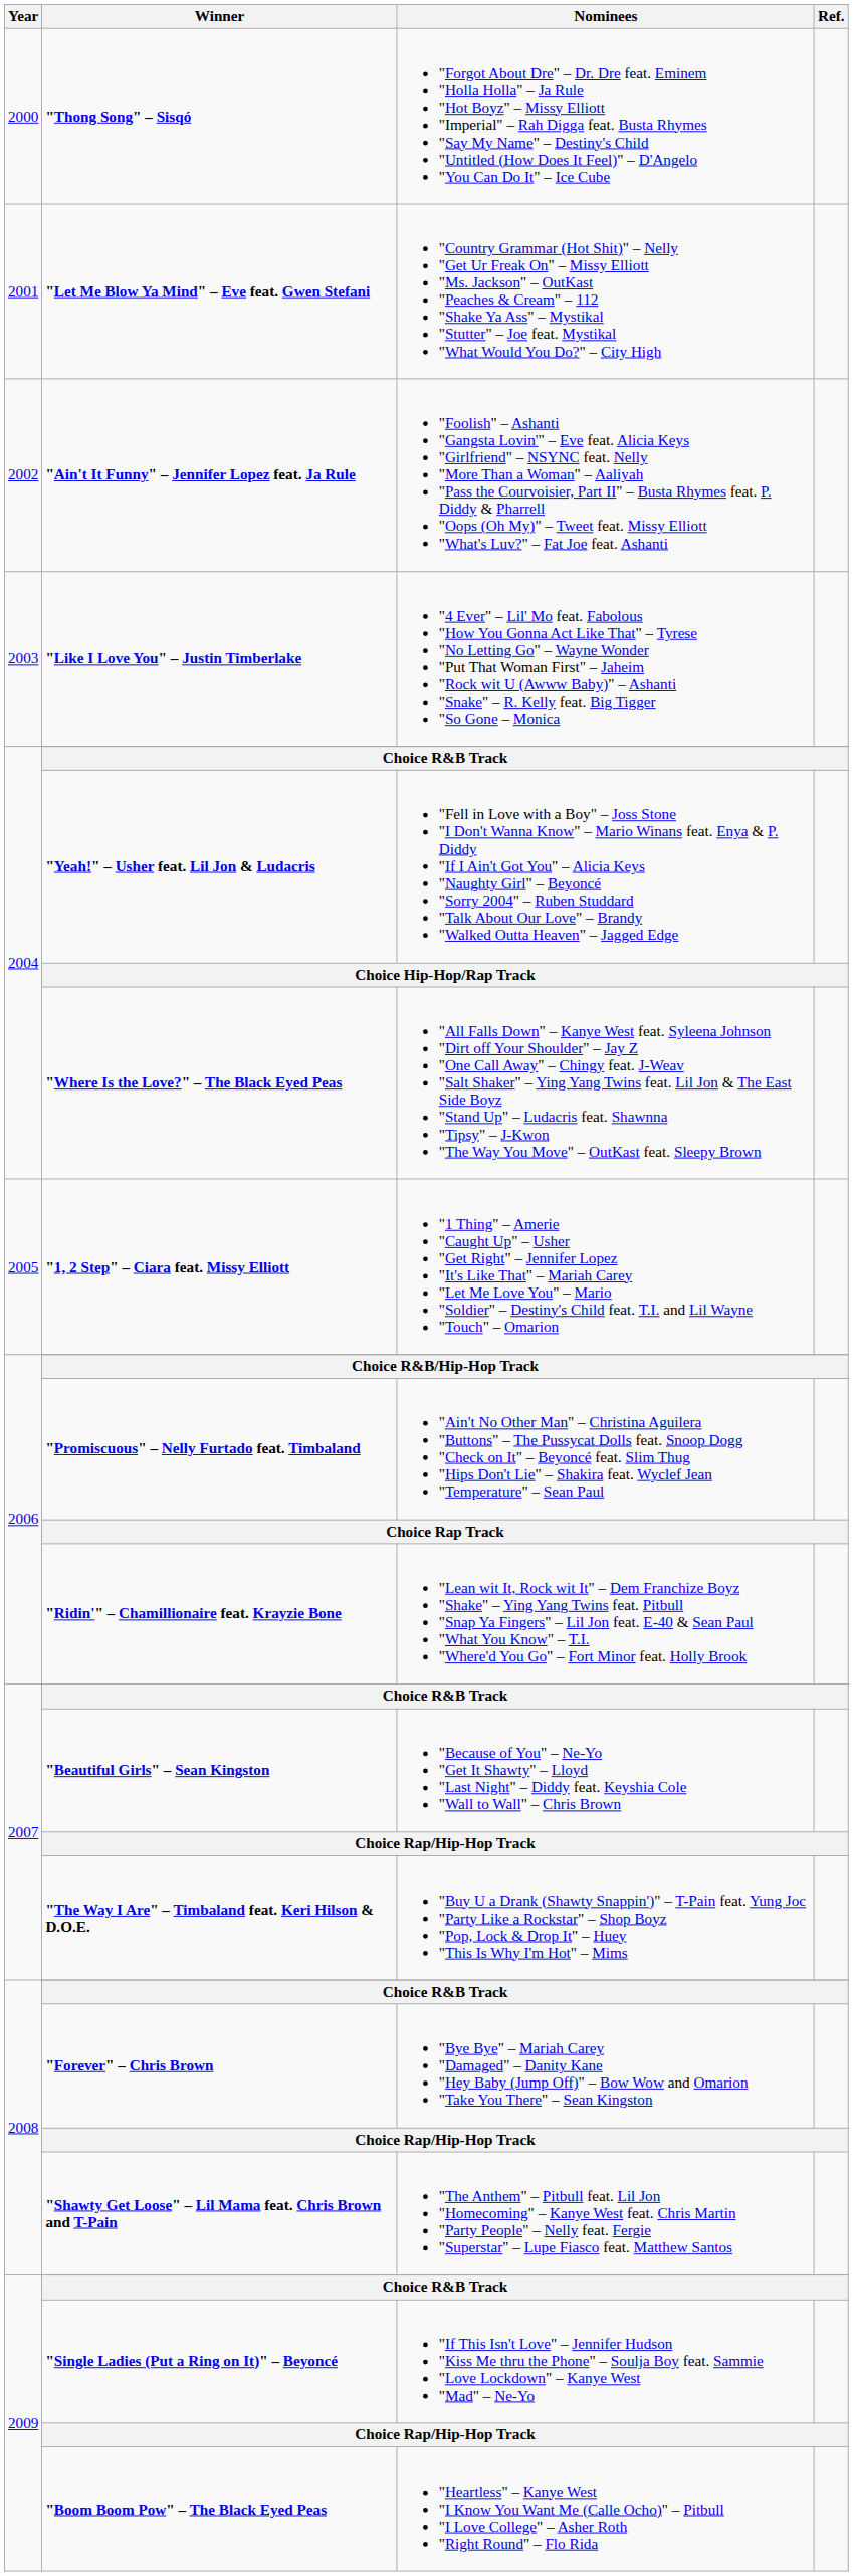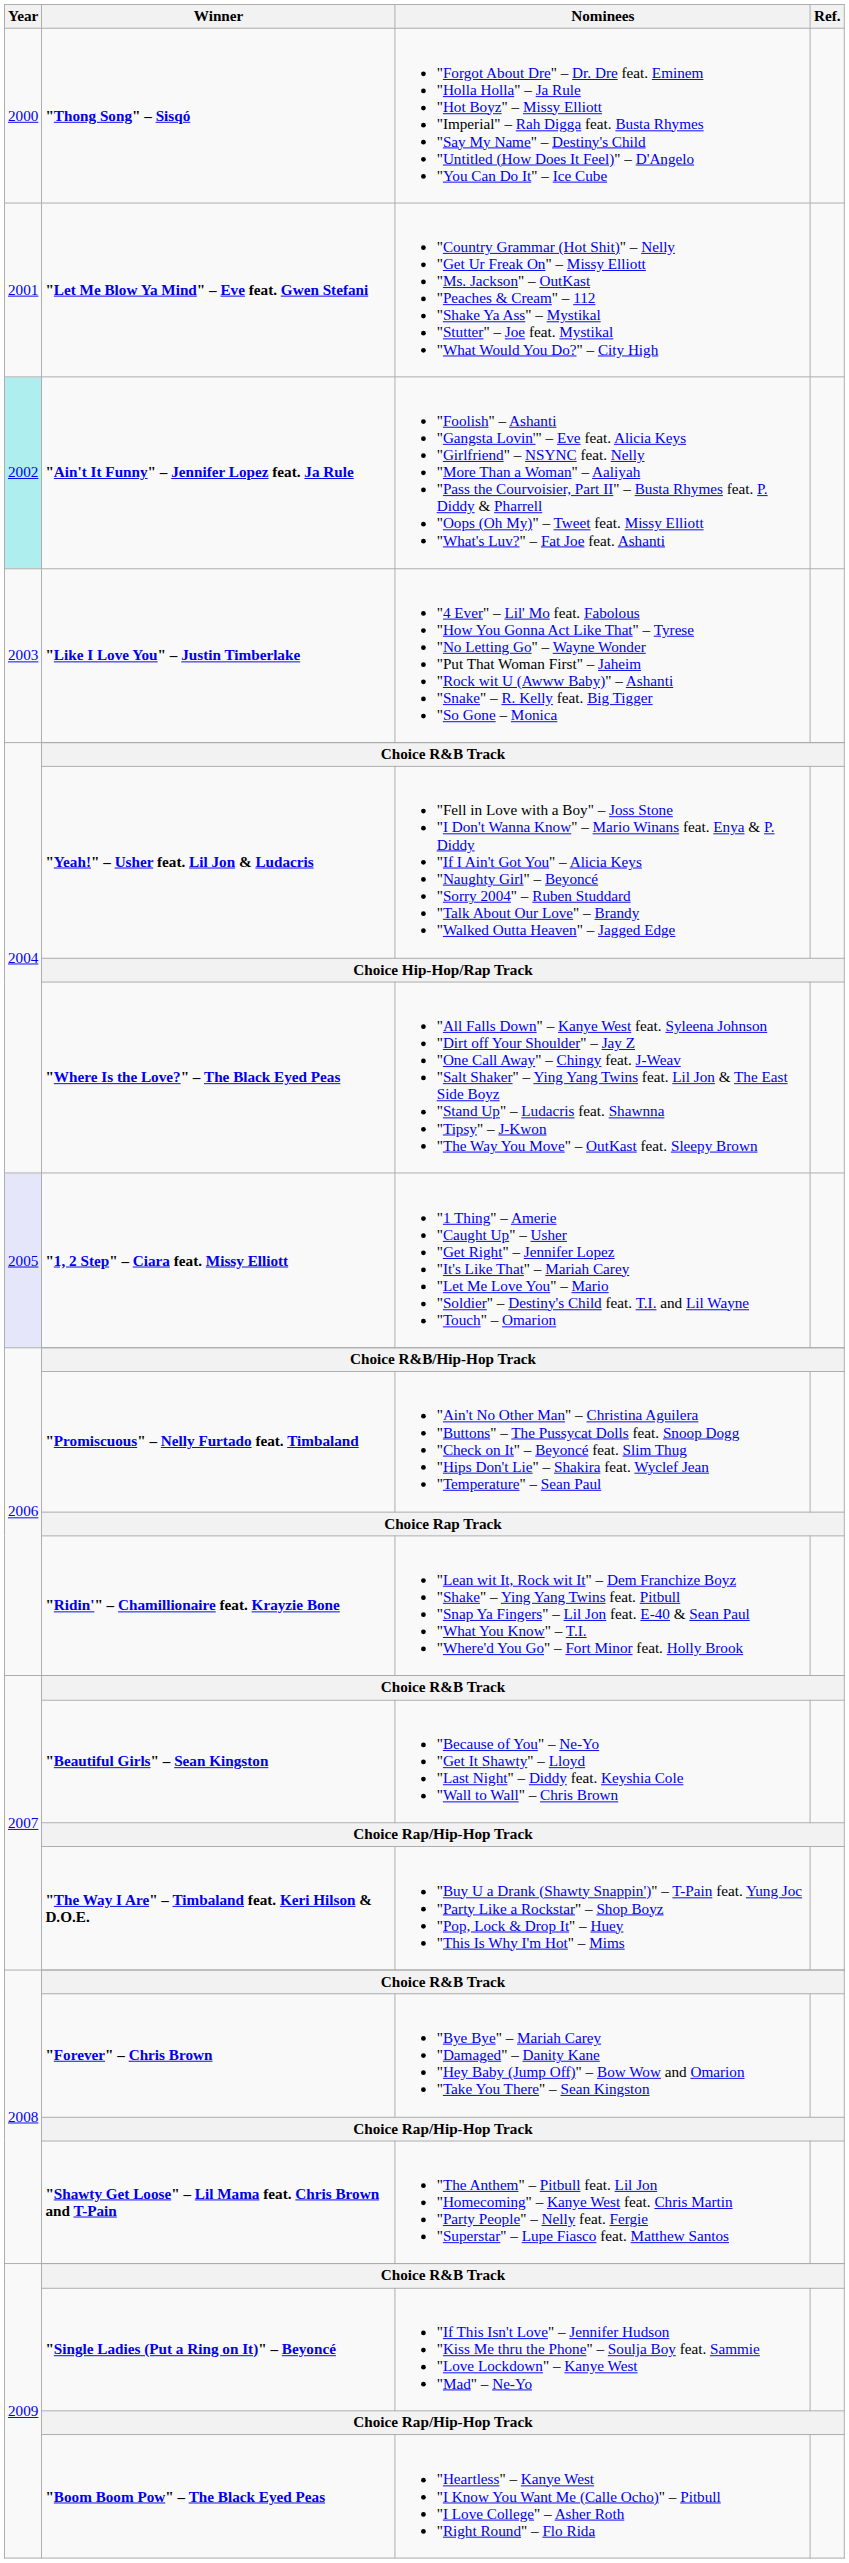 <table class="wikitable" width=70%>
 <tr>
 <th>Year</th>
 <th>Winner</th>
 <th>Nominees</th>
 <th>Ref.</th>
 </tr>
 <tr>
 <td align="center"><a href='#'>2000</a></td>
 <td><strong>"<a href='#'>Thong Song</a>" – <a href='#'>Sisqó</a></strong></td>
 <td><br><ul><li>"<a href='#'>Forgot About Dre</a>" – <a href='#'>Dr. Dre</a> feat. <a href='#'>Eminem</a></li><li>"<a href='#'>Holla Holla</a>" – <a href='#'>Ja Rule</a></li><li>"<a href='#'>Hot Boyz</a>" – <a href='#'>Missy Elliott</a></li><li>"Imperial" – <a href='#'>Rah Digga</a> feat. <a href='#'>Busta Rhymes</a></li><li>"<a href='#'>Say My Name</a>" – <a href='#'>Destiny's Child</a></li><li>"<a href='#'>Untitled (How Does It Feel)</a>" – <a href='#'>D'Angelo</a></li><li>"<a href='#'>You Can Do It</a>" – <a href='#'>Ice Cube</a></li></ul></td>
 <td align="center"></td>
 </tr>
 <tr>
 <td align="center"><a href='#'>2001</a></td>
 <td><strong>"<a href='#'>Let Me Blow Ya Mind</a>" – <a href='#'>Eve</a> feat. <a href='#'>Gwen Stefani</a></strong></td>
 <td><br><ul><li>"<a href='#'>Country Grammar (Hot Shit)</a>" – <a href='#'>Nelly</a></li><li>"<a href='#'>Get Ur Freak On</a>" – <a href='#'>Missy Elliott</a></li><li>"<a href='#'>Ms. Jackson</a>" – <a href='#'>OutKast</a></li><li>"<a href='#'>Peaches & Cream</a>" – <a href='#'>112</a></li><li>"<a href='#'>Shake Ya Ass</a>" – <a href='#'>Mystikal</a></li><li>"<a href='#'>Stutter</a>" – <a href='#'>Joe</a> feat. <a href='#'>Mystikal</a></li><li>"<a href='#'>What Would You Do?</a>" – <a href='#'>City High</a></li></ul></td>
 <td align="center"></td>
 </tr>
 <tr>
-<td align="center"><a href='#'>2002</a></td>
+<td align="center" style="background: paleturquoise;"><a href='#'>2002</a></td>
 <td><strong>"<a href='#'>Ain't It Funny</a>" – <a href='#'>Jennifer Lopez</a> feat. <a href='#'>Ja Rule</a></strong></td>
 <td><br><ul><li>"<a href='#'>Foolish</a>" – <a href='#'>Ashanti</a></li><li>"<a href='#'>Gangsta Lovin'</a>" – <a href='#'>Eve</a> feat. <a href='#'>Alicia Keys</a></li><li>"<a href='#'>Girlfriend</a>" – <a href='#'>NSYNC</a> feat. <a href='#'>Nelly</a></li><li>"<a href='#'>More Than a Woman</a>" – <a href='#'>Aaliyah</a></li><li>"<a href='#'>Pass the Courvoisier, Part II</a>" – <a href='#'>Busta Rhymes</a> feat. <a href='#'>P. Diddy</a> & <a href='#'>Pharrell</a></li><li>"<a href='#'>Oops (Oh My)</a>" – <a href='#'>Tweet</a> feat. <a href='#'>Missy Elliott</a></li><li>"<a href='#'>What's Luv?</a>" – <a href='#'>Fat Joe</a> feat. <a href='#'>Ashanti</a></li></ul></td>
 <td align="center"></td>
 </tr>
 <tr>
 <td align="center"><a href='#'>2003</a></td>
 <td><strong>"<a href='#'>Like I Love You</a>" – <a href='#'>Justin Timberlake</a></strong></td>
 <td><br><ul><li>"<a href='#'>4 Ever</a>" – <a href='#'>Lil' Mo</a> feat. <a href='#'>Fabolous</a></li><li>"<a href='#'>How You Gonna Act Like That</a>" – <a href='#'>Tyrese</a></li><li>"<a href='#'>No Letting Go</a>" – <a href='#'>Wayne Wonder</a></li><li>"Put That Woman First" – <a href='#'>Jaheim</a></li><li>"<a href='#'>Rock wit U (Awww Baby)</a>" – <a href='#'>Ashanti</a></li><li>"<a href='#'>Snake</a>" – <a href='#'>R. Kelly</a> feat. <a href='#'>Big Tigger</a></li><li>"<a href='#'>So Gone</a> – <a href='#'>Monica</a></li></ul></td>
 <td align="center"></td>
 </tr>
 <tr>
 <td align="center" rowspan="5"><a href='#'>2004</a></td>
 </tr>
 <tr>
 <th colspan="3">Choice R&B Track</th>
 </tr>
 <tr>
 <td><strong>"<a href='#'>Yeah!</a>" – <a href='#'>Usher</a> feat. <a href='#'>Lil Jon</a> & <a href='#'>Ludacris</a></strong></td>
 <td><br><ul><li>"Fell in Love with a Boy" – <a href='#'>Joss Stone</a></li><li>"<a href='#'>I Don't Wanna Know</a>" – <a href='#'>Mario Winans</a> feat. <a href='#'>Enya</a> & <a href='#'>P. Diddy</a></li><li>"<a href='#'>If I Ain't Got You</a>" – <a href='#'>Alicia Keys</a></li><li>"<a href='#'>Naughty Girl</a>" – <a href='#'>Beyoncé</a></li><li>"<a href='#'>Sorry 2004</a>" – <a href='#'>Ruben Studdard</a></li><li>"<a href='#'>Talk About Our Love</a>" – <a href='#'>Brandy</a></li><li>"<a href='#'>Walked Outta Heaven</a>" – <a href='#'>Jagged Edge</a></li></ul></td>
 <td align="center"></td>
 </tr>
 <tr>
 <th colspan="3">Choice Hip-Hop/Rap Track</th>
 </tr>
 <tr>
 <td><strong>"<a href='#'>Where Is the Love?</a>" – <a href='#'>The Black Eyed Peas</a></strong></td>
 <td><br><ul><li>"<a href='#'>All Falls Down</a>" – <a href='#'>Kanye West</a> feat. <a href='#'>Syleena Johnson</a></li><li>"<a href='#'>Dirt off Your Shoulder</a>" – <a href='#'>Jay Z</a></li><li>"<a href='#'>One Call Away</a>" – <a href='#'>Chingy</a> feat. <a href='#'>J-Weav</a></li><li>"<a href='#'>Salt Shaker</a>" – <a href='#'>Ying Yang Twins</a> feat. <a href='#'>Lil Jon</a> & <a href='#'>The East Side Boyz</a></li><li>"<a href='#'>Stand Up</a>" – <a href='#'>Ludacris</a> feat. <a href='#'>Shawnna</a></li><li>"<a href='#'>Tipsy</a>" – <a href='#'>J-Kwon</a></li><li>"<a href='#'>The Way You Move</a>" – <a href='#'>OutKast</a> feat. <a href='#'>Sleepy Brown</a></li></ul></td>
 <td align="center"></td>
 </tr>
 <tr>
-<td align="center"><a href='#'>2005</a></td>
+<td align="center" style="background: lavender;"><a href='#'>2005</a></td>
 <td><strong>"<a href='#'>1, 2 Step</a>" – <a href='#'>Ciara</a> feat. <a href='#'>Missy Elliott</a></strong></td>
 <td><br><ul><li>"<a href='#'>1 Thing</a>" – <a href='#'>Amerie</a></li><li>"<a href='#'>Caught Up</a>" – <a href='#'>Usher</a></li><li>"<a href='#'>Get Right</a>" – <a href='#'>Jennifer Lopez</a></li><li>"<a href='#'>It's Like That</a>" – <a href='#'>Mariah Carey</a></li><li>"<a href='#'>Let Me Love You</a>" – <a href='#'>Mario</a></li><li>"<a href='#'>Soldier</a>" – <a href='#'>Destiny's Child</a> feat. <a href='#'>T.I.</a> and <a href='#'>Lil Wayne</a></li><li>"<a href='#'>Touch</a>" – <a href='#'>Omarion</a></li></ul></td>
 <td align="center"></td>
 </tr>
 <tr>
 <td align="center" rowspan="5"><a href='#'>2006</a></td>
 </tr>
 <tr>
 <th colspan="3">Choice R&B/Hip-Hop Track</th>
 </tr>
 <tr>
 <td><strong>"<a href='#'>Promiscuous</a>" – <a href='#'>Nelly Furtado</a> feat. <a href='#'>Timbaland</a></strong></td>
 <td><br><ul><li>"<a href='#'>Ain't No Other Man</a>" – <a href='#'>Christina Aguilera</a></li><li>"<a href='#'>Buttons</a>" – <a href='#'>The Pussycat Dolls</a> feat. <a href='#'>Snoop Dogg</a></li><li>"<a href='#'>Check on It</a>" – <a href='#'>Beyoncé</a> feat. <a href='#'>Slim Thug</a></li><li>"<a href='#'>Hips Don't Lie</a>" – <a href='#'>Shakira</a> feat. <a href='#'>Wyclef Jean</a></li><li>"<a href='#'>Temperature</a>" – <a href='#'>Sean Paul</a></li></ul></td>
 <td align="center"></td>
 </tr>
 <tr>
 <th colspan="3">Choice Rap Track</th>
 </tr>
 <tr>
 <td><strong>"<a href='#'>Ridin'</a>" – <a href='#'>Chamillionaire</a> feat. <a href='#'>Krayzie Bone</a></strong></td>
 <td><br><ul><li>"<a href='#'>Lean wit It, Rock wit It</a>" – <a href='#'>Dem Franchize Boyz</a></li><li>"<a href='#'>Shake</a>" – <a href='#'>Ying Yang Twins</a> feat. <a href='#'>Pitbull</a></li><li>"<a href='#'>Snap Ya Fingers</a>" – <a href='#'>Lil Jon</a> feat. <a href='#'>E-40</a> & <a href='#'>Sean Paul</a></li><li>"<a href='#'>What You Know</a>" – <a href='#'>T.I.</a></li><li>"<a href='#'>Where'd You Go</a>" – <a href='#'>Fort Minor</a> feat. <a href='#'>Holly Brook</a></li></ul></td>
 <td align="center"></td>
 </tr>
 <tr>
 <td align="center" rowspan="5"><a href='#'>2007</a></td>
 </tr>
 <tr>
 <th colspan="3">Choice R&B Track</th>
 </tr>
 <tr>
 <td><strong>"<a href='#'>Beautiful Girls</a>" – <a href='#'>Sean Kingston</a></strong></td>
 <td><br><ul><li>"<a href='#'>Because of You</a>" – <a href='#'>Ne-Yo</a></li><li>"<a href='#'>Get It Shawty</a>" – <a href='#'>Lloyd</a></li><li>"<a href='#'>Last Night</a>" – <a href='#'>Diddy</a> feat. <a href='#'>Keyshia Cole</a></li><li>"<a href='#'>Wall to Wall</a>" – <a href='#'>Chris Brown</a></li></ul></td>
 <td align="center"></td>
 </tr>
 <tr>
 <th colspan="3">Choice Rap/Hip-Hop Track</th>
 </tr>
 <tr>
 <td><strong>"<a href='#'>The Way I Are</a>" – <a href='#'>Timbaland</a> feat. <a href='#'>Keri Hilson</a> & D.O.E.</strong></td>
 <td><br><ul><li>"<a href='#'>Buy U a Drank (Shawty Snappin')</a>" – <a href='#'>T-Pain</a> feat. <a href='#'>Yung Joc</a></li><li>"<a href='#'>Party Like a Rockstar</a>" – <a href='#'>Shop Boyz</a></li><li>"<a href='#'>Pop, Lock & Drop It</a>" – <a href='#'>Huey</a></li><li>"<a href='#'>This Is Why I'm Hot</a>" – <a href='#'>Mims</a></li></ul></td>
 <td align="center"></td>
 </tr>
 <tr>
 <td align="center" rowspan="5"><a href='#'>2008</a></td>
 </tr>
 <tr>
 <th colspan="3">Choice R&B Track</th>
 </tr>
 <tr>
 <td><strong>"<a href='#'>Forever</a>" – <a href='#'>Chris Brown</a></strong></td>
 <td><br><ul><li>"<a href='#'>Bye Bye</a>" – <a href='#'>Mariah Carey</a></li><li>"<a href='#'>Damaged</a>" – <a href='#'>Danity Kane</a></li><li>"<a href='#'>Hey Baby (Jump Off)</a>" – <a href='#'>Bow Wow</a> and <a href='#'>Omarion</a></li><li>"<a href='#'>Take You There</a>" – <a href='#'>Sean Kingston</a></li></ul></td>
 <td align="center"></td>
 </tr>
 <tr>
 <th colspan="3">Choice Rap/Hip-Hop Track</th>
 </tr>
 <tr>
 <td><strong>"<a href='#'>Shawty Get Loose</a>" – <a href='#'>Lil Mama</a> feat. <a href='#'>Chris Brown</a> and <a href='#'>T-Pain</a></strong></td>
 <td><br><ul><li>"<a href='#'>The Anthem</a>" – <a href='#'>Pitbull</a> feat. <a href='#'>Lil Jon</a></li><li>"<a href='#'>Homecoming</a>" – <a href='#'>Kanye West</a> feat. <a href='#'>Chris Martin</a></li><li>"<a href='#'>Party People</a>" – <a href='#'>Nelly</a> feat. <a href='#'>Fergie</a></li><li>"<a href='#'>Superstar</a>" – <a href='#'>Lupe Fiasco</a> feat. <a href='#'>Matthew Santos</a></li></ul></td>
 <td align="center"></td>
 </tr>
 <tr>
 <td align="center" rowspan="5"><a href='#'>2009</a></td>
 </tr>
 <tr>
 <th colspan="3">Choice R&B Track</th>
 </tr>
 <tr>
 <td><strong>"<a href='#'>Single Ladies (Put a Ring on It)</a>" – <a href='#'>Beyoncé</a></strong></td>
 <td><br><ul><li>"<a href='#'>If This Isn't Love</a>" – <a href='#'>Jennifer Hudson</a></li><li>"<a href='#'>Kiss Me thru the Phone</a>" – <a href='#'>Soulja Boy</a> feat. <a href='#'>Sammie</a></li><li>"<a href='#'>Love Lockdown</a>" – <a href='#'>Kanye West</a></li><li>"<a href='#'>Mad</a>" – <a href='#'>Ne-Yo</a></li></ul></td>
 <td align="center"></td>
 </tr>
 <tr>
 <th colspan="3">Choice Rap/Hip-Hop Track</th>
 </tr>
 <tr>
 <td><strong>"<a href='#'>Boom Boom Pow</a>" – <a href='#'>The Black Eyed Peas</a></strong></td>
 <td><br><ul><li>"<a href='#'>Heartless</a>" – <a href='#'>Kanye West</a></li><li>"<a href='#'>I Know You Want Me (Calle Ocho)</a>" – <a href='#'>Pitbull</a></li><li>"<a href='#'>I Love College</a>" – <a href='#'>Asher Roth</a></li><li>"<a href='#'>Right Round</a>" – <a href='#'>Flo Rida</a></li></ul></td>
 <td></td>
 </tr>
 </table>
